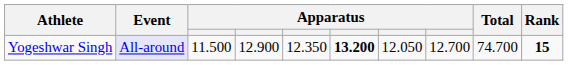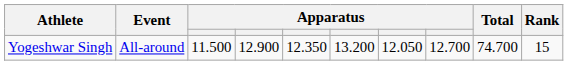 <table class="wikitable" style="font-size:90%;text-align:center;">
 <tr>
 <th rowspan=2>Athlete</th>
 <th rowspan=2>Event</th>
 <th colspan=6>Apparatus</th>
 <th rowspan=2>Total</th>
 <th rowspan=2>Rank</th>
 </tr>
 <tr style="font-size:95%">
 <th></th>
 <th></th>
 <th></th>
 <th></th>
 <th></th>
 <th></th>
 </tr>
 <tr>
 <td align=left><a href='#'>Yogeshwar Singh</a></td>
-<td align=left style="background: lavender;"><a href='#'>All-around</a></td>
+<td align=left><a href='#'>All-around</a></td>
 <td>11.500</td>
 <td>12.900</td>
 <td>12.350</td>
-<td><strong>13.200</strong></td>
+<td>13.200</td>
 <td>12.050</td>
 <td>12.700</td>
 <td>74.700</td>
-<td><strong>15</strong></td>
+<td>15</td>
 </tr>
 </table>
